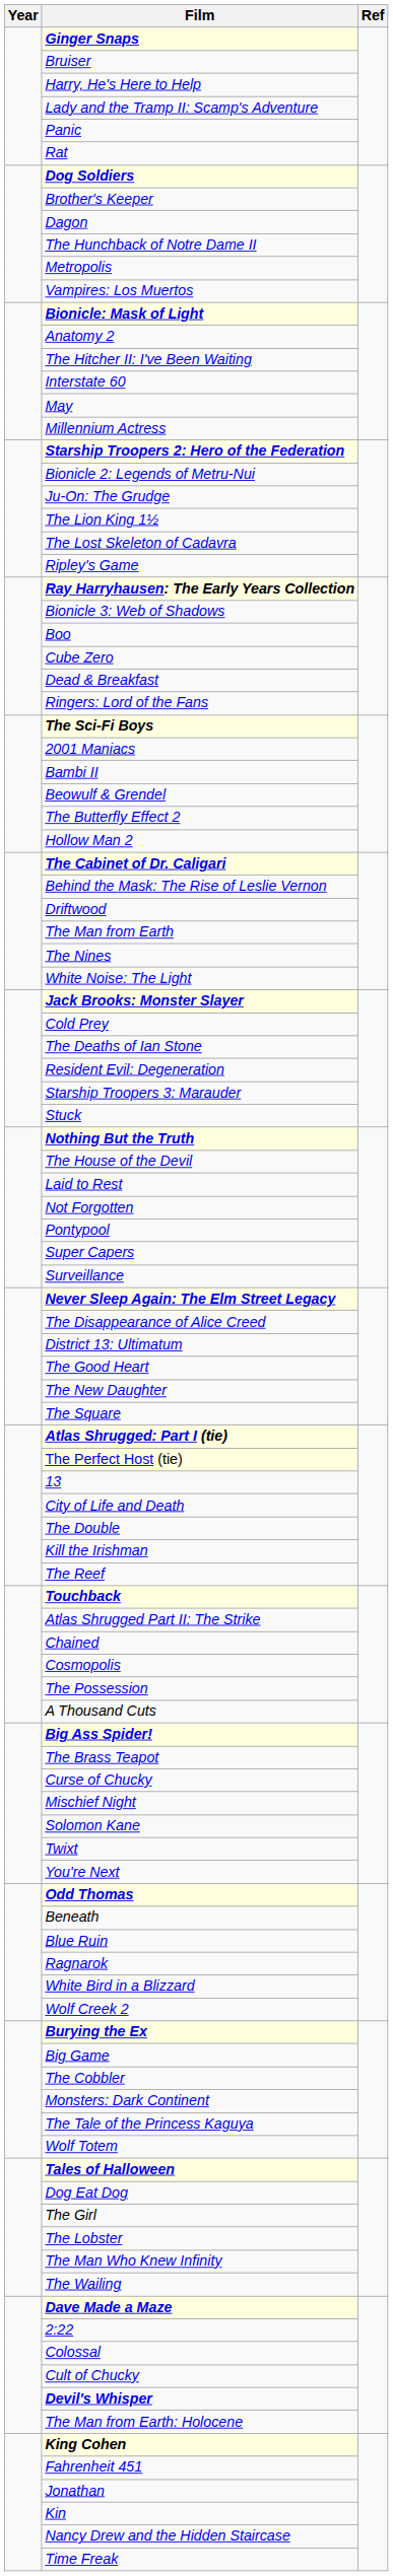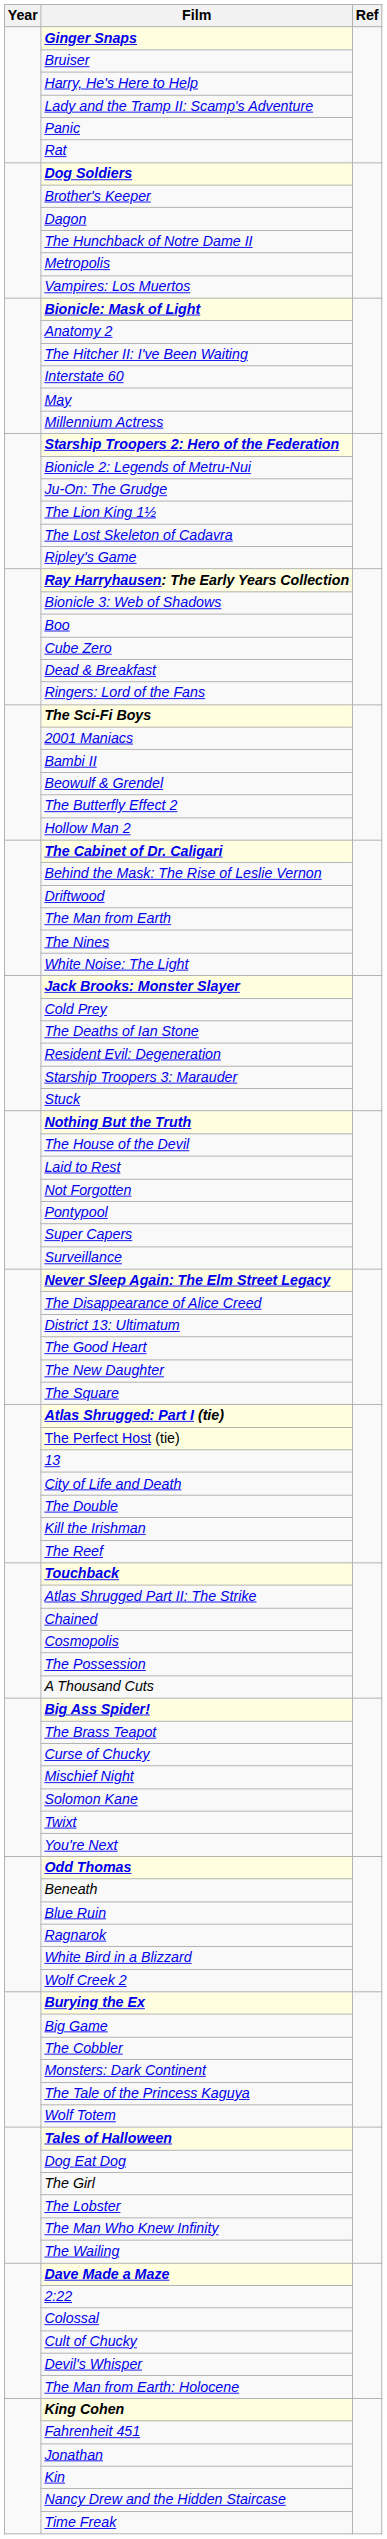 <table class="wikitable">
 <tr>
 <th>Year</th>
 <th>Film</th>
 <th>Ref</th>
 </tr>
 <tr>
 <td rowspan="6"></td>
 <td style="background:lightyellow"><em><a href='#'><strong>Ginger Snaps</strong></a></em></td>
 <td rowspan="6"></td>
 </tr>
 <tr>
 <td><em><a href='#'>Bruiser</a></em></td>
 </tr>
 <tr>
 <td><em><a href='#'>Harry, He's Here to Help</a></em></td>
 </tr>
 <tr>
 <td><em><a href='#'>Lady and the Tramp II: Scamp's Adventure</a></em></td>
 </tr>
 <tr>
 <td><em><a href='#'>Panic</a></em></td>
 </tr>
 <tr>
 <td><em><a href='#'>Rat</a></em></td>
 </tr>
 <tr>
 <td rowspan="6"></td>
 <td style="background:lightyellow"><em><a href='#'><strong>Dog Soldiers</strong></a></em></td>
 <td rowspan="6"></td>
 </tr>
 <tr>
 <td><em><a href='#'>Brother's Keeper</a></em></td>
 </tr>
 <tr>
 <td><em><a href='#'>Dagon</a></em></td>
 </tr>
 <tr>
 <td><em><a href='#'>The Hunchback of Notre Dame II</a></em></td>
 </tr>
 <tr>
 <td><em><a href='#'>Metropolis</a></em></td>
 </tr>
 <tr>
 <td><em><a href='#'>Vampires: Los Muertos</a></em></td>
 </tr>
 <tr>
 <td rowspan="6"></td>
 <td style="background:lightyellow"><strong><em><a href='#'>Bionicle: Mask of Light</a></em></strong></td>
 <td rowspan="6"></td>
 </tr>
 <tr>
 <td><em><a href='#'>Anatomy 2</a></em></td>
 </tr>
 <tr>
 <td><em><a href='#'>The Hitcher II: I've Been Waiting</a></em></td>
 </tr>
 <tr>
 <td><em><a href='#'>Interstate 60</a></em></td>
 </tr>
 <tr>
 <td><em><a href='#'>May</a></em></td>
 </tr>
 <tr>
 <td><em><a href='#'>Millennium Actress</a></em></td>
 </tr>
 <tr>
 <td rowspan="6"></td>
 <td style="background:lightyellow"><strong><em><a href='#'>Starship Troopers 2: Hero of the Federation</a></em></strong></td>
 <td rowspan="6"></td>
 </tr>
 <tr>
 <td><em><a href='#'>Bionicle 2: Legends of Metru-Nui</a></em></td>
 </tr>
 <tr>
 <td><em><a href='#'>Ju-On: The Grudge</a></em></td>
 </tr>
 <tr>
 <td><em><a href='#'>The Lion King 1½</a></em></td>
 </tr>
 <tr>
 <td><em><a href='#'>The Lost Skeleton of Cadavra</a></em></td>
 </tr>
 <tr>
 <td><em><a href='#'>Ripley's Game</a></em></td>
 </tr>
 <tr>
 <td rowspan="6"></td>
 <td style="background:lightyellow"><strong><em><a href='#'>Ray Harryhausen</a>: The Early Years Collection</em></strong></td>
 <td rowspan="6"></td>
 </tr>
 <tr>
 <td><em><a href='#'>Bionicle 3: Web of Shadows</a></em></td>
 </tr>
 <tr>
 <td><em><a href='#'>Boo</a></em></td>
 </tr>
 <tr>
 <td><em><a href='#'>Cube Zero</a></em></td>
 </tr>
 <tr>
 <td><em><a href='#'>Dead & Breakfast</a></em></td>
 </tr>
 <tr>
 <td><em><a href='#'>Ringers: Lord of the Fans</a></em></td>
 </tr>
 <tr>
 <td rowspan="6"></td>
 <td style="background:lightyellow"><strong><em>The Sci-Fi Boys</em></strong></td>
 <td rowspan="6"></td>
 </tr>
 <tr>
 <td><em><a href='#'>2001 Maniacs</a></em></td>
 </tr>
 <tr>
 <td><em><a href='#'>Bambi II</a></em></td>
 </tr>
 <tr>
 <td><em><a href='#'>Beowulf & Grendel</a></em></td>
 </tr>
 <tr>
 <td><em><a href='#'>The Butterfly Effect 2</a></em></td>
 </tr>
 <tr>
 <td><em><a href='#'>Hollow Man 2</a></em></td>
 </tr>
 <tr>
 <td rowspan="6"></td>
 <td style="background:lightyellow"><em><a href='#'><strong>The Cabinet of Dr. Caligari</strong></a></em></td>
 <td rowspan="6"></td>
 </tr>
 <tr>
 <td><em><a href='#'>Behind the Mask: The Rise of Leslie Vernon</a></em></td>
 </tr>
 <tr>
 <td><em><a href='#'>Driftwood</a></em></td>
 </tr>
 <tr>
 <td><em><a href='#'>The Man from Earth</a></em></td>
 </tr>
 <tr>
 <td><em><a href='#'>The Nines</a></em></td>
 </tr>
 <tr>
 <td><em><a href='#'>White Noise: The Light</a></em></td>
 </tr>
 <tr>
 <td rowspan="6"></td>
 <td style="background:lightyellow"><strong><em><a href='#'>Jack Brooks: Monster Slayer</a></em></strong></td>
 <td rowspan="6"></td>
 </tr>
 <tr>
 <td><em><a href='#'>Cold Prey</a></em></td>
 </tr>
 <tr>
 <td><em><a href='#'>The Deaths of Ian Stone</a></em></td>
 </tr>
 <tr>
 <td><em><a href='#'>Resident Evil: Degeneration</a></em></td>
 </tr>
 <tr>
 <td><em><a href='#'>Starship Troopers 3: Marauder</a></em></td>
 </tr>
 <tr>
 <td><em><a href='#'>Stuck</a></em></td>
 </tr>
 <tr>
 <td rowspan="7"></td>
 <td style="background:lightyellow"><em><a href='#'><strong>Nothing But the Truth</strong></a></em></td>
 <td rowspan="7"></td>
 </tr>
 <tr>
 <td><em><a href='#'>The House of the Devil</a></em></td>
 </tr>
 <tr>
 <td><em><a href='#'>Laid to Rest</a></em></td>
 </tr>
 <tr>
 <td><em><a href='#'>Not Forgotten</a></em></td>
 </tr>
 <tr>
 <td><em><a href='#'>Pontypool</a></em></td>
 </tr>
 <tr>
 <td><em><a href='#'>Super Capers</a></em></td>
 </tr>
 <tr>
 <td><em><a href='#'>Surveillance</a></em></td>
 </tr>
 <tr>
 <td rowspan="6"></td>
 <td style="background:lightyellow"><strong><em><a href='#'>Never Sleep Again: The Elm Street Legacy</a></em></strong></td>
 <td rowspan="6"></td>
 </tr>
 <tr>
 <td><em><a href='#'>The Disappearance of Alice Creed</a></em></td>
 </tr>
 <tr>
 <td><em><a href='#'>District 13: Ultimatum</a></em></td>
 </tr>
 <tr>
 <td><em><a href='#'>The Good Heart</a></em></td>
 </tr>
 <tr>
 <td><em><a href='#'>The New Daughter</a></em></td>
 </tr>
 <tr>
 <td><em><a href='#'>The Square</a></em></td>
 </tr>
 <tr>
 <td rowspan="7"></td>
 <td style="background:lightyellow"><strong><em><a href='#'>Atlas Shrugged: Part I</a><em> (tie)<strong></td>
 <td rowspan="7"></td>
 </tr>
 <tr>
 <td style="background:lightyellow"></em></strong><a href='#'>The Perfect Host</a></em> (tie)</strong></td>
 </tr>
 <tr>
 <td><em><a href='#'>13</a></em></td>
 </tr>
 <tr>
 <td><em><a href='#'>City of Life and Death</a></em></td>
 </tr>
 <tr>
 <td><em><a href='#'>The Double</a></em></td>
 </tr>
 <tr>
 <td><em><a href='#'>Kill the Irishman</a></em></td>
 </tr>
 <tr>
 <td><em><a href='#'>The Reef</a></em></td>
 </tr>
 <tr>
 <td rowspan="6"></td>
 <td style="background:lightyellow"><em><a href='#'><strong>Touchback</strong></a></em></td>
 <td rowspan="6"></td>
 </tr>
 <tr>
 <td><em><a href='#'>Atlas Shrugged Part II: The Strike</a></em></td>
 </tr>
 <tr>
 <td><em><a href='#'>Chained</a></em></td>
 </tr>
 <tr>
 <td><em><a href='#'>Cosmopolis</a></em></td>
 </tr>
 <tr>
 <td><em><a href='#'>The Possession</a></em></td>
 </tr>
 <tr>
 <td><em>A Thousand Cuts</em></td>
 </tr>
 <tr>
 <td rowspan="7"></td>
 <td style="background:lightyellow"><strong><em><a href='#'>Big Ass Spider!</a></em></strong></td>
 <td rowspan="7"></td>
 </tr>
 <tr>
 <td><em><a href='#'>The Brass Teapot</a></em></td>
 </tr>
 <tr>
 <td><em><a href='#'>Curse of Chucky</a></em></td>
 </tr>
 <tr>
 <td><em><a href='#'>Mischief Night</a></em></td>
 </tr>
 <tr>
 <td><em><a href='#'>Solomon Kane</a></em></td>
 </tr>
 <tr>
 <td><em><a href='#'>Twixt</a></em></td>
 </tr>
 <tr>
 <td><em><a href='#'>You're Next</a></em></td>
 </tr>
 <tr>
 <td rowspan="6"></td>
 <td style="background:lightyellow"><em><a href='#'><strong>Odd Thomas</strong></a></em></td>
 <td rowspan="6"></td>
 </tr>
 <tr>
 <td><em>Beneath</em></td>
 </tr>
 <tr>
 <td><em><a href='#'>Blue Ruin</a></em></td>
 </tr>
 <tr>
 <td><em><a href='#'>Ragnarok</a></em></td>
 </tr>
 <tr>
 <td><em><a href='#'>White Bird in a Blizzard</a></em></td>
 </tr>
 <tr>
 <td><em><a href='#'>Wolf Creek 2</a></em></td>
 </tr>
 <tr>
 <td rowspan="6"></td>
 <td style="background:lightyellow"><strong><em><a href='#'>Burying the Ex</a></em></strong></td>
 <td rowspan="6"></td>
 </tr>
 <tr>
 <td><em><a href='#'>Big Game</a></em></td>
 </tr>
 <tr>
 <td><em><a href='#'>The Cobbler</a></em></td>
 </tr>
 <tr>
 <td><em><a href='#'>Monsters: Dark Continent</a></em></td>
 </tr>
 <tr>
 <td><em><a href='#'>The Tale of the Princess Kaguya</a></em></td>
 </tr>
 <tr>
 <td><em><a href='#'>Wolf Totem</a></em></td>
 </tr>
 <tr>
 <td rowspan="6"></td>
 <td style="background:lightyellow"><strong><em><a href='#'>Tales of Halloween</a></em></strong></td>
 <td rowspan="6"></td>
 </tr>
 <tr>
 <td><em><a href='#'>Dog Eat Dog</a></em></td>
 </tr>
 <tr>
 <td><em>The Girl</em></td>
 </tr>
 <tr>
 <td><em><a href='#'>The Lobster</a></em></td>
 </tr>
 <tr>
 <td><em><a href='#'>The Man Who Knew Infinity</a></em></td>
 </tr>
 <tr>
 <td><em><a href='#'>The Wailing</a></em></td>
 </tr>
 <tr>
 <td rowspan="6"></td>
 <td style="background:lightyellow"><strong><em><a href='#'>Dave Made a Maze</a></em></strong></td>
 <td rowspan="6"></td>
 </tr>
 <tr>
 <td><em><a href='#'>2:22</a></em></td>
 </tr>
 <tr>
 <td><em><a href='#'>Colossal</a></em></td>
 </tr>
 <tr>
 <td><em><a href='#'>Cult of Chucky</a></em></td>
 </tr>
 <tr>
-<td><strong><em><a href='#'>Devil's Whisper</a></em></strong></td>
+<td><em><a href='#'>Devil's Whisper</a></em></td>
 </tr>
 <tr>
 <td><em><a href='#'>The Man from Earth: Holocene</a></em></td>
 </tr>
 <tr>
 <td rowspan="6"></td>
 <td style="background:lightyellow"><strong><em>King Cohen</em></strong></td>
 <td rowspan="6"></td>
 </tr>
 <tr>
 <td><em><a href='#'>Fahrenheit 451</a></em></td>
 </tr>
 <tr>
 <td><em><a href='#'>Jonathan</a></em></td>
 </tr>
 <tr>
 <td><em><a href='#'>Kin</a></em></td>
 </tr>
 <tr>
 <td><em><a href='#'>Nancy Drew and the Hidden Staircase</a></em></td>
 </tr>
 <tr>
 <td><em><a href='#'>Time Freak</a></em></td>
 </tr>
 </table>
